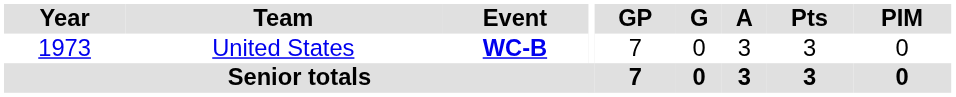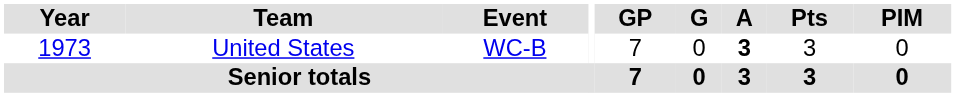 <table border="0" cellpadding="1" cellspacing="0" ID="Table3" style="text-align:center; width:40em">
 <tr bgcolor="#e0e0e0">
 <th>Year</th>
 <th>Team</th>
 <th>Event</th>
 <th rowspan="102" bgcolor="#ffffff"></th>
 <th>GP</th>
 <th>G</th>
 <th>A</th>
 <th>Pts</th>
 <th>PIM</th>
 </tr>
 <tr>
 <td><a href='#'>1973</a></td>
 <td><a href='#'>United States</a></td>
-<td><strong><a href='#'>WC-B</a></strong></td>
+<td><a href='#'>WC-B</a></td>
 <td>7</td>
 <td>0</td>
-<td>3</td>
+<td><strong>3</strong></td>
 <td>3</td>
 <td>0</td>
 </tr>
 <tr bgcolor="#e0e0e0">
 <th colspan="4">Senior totals</th>
 <th>7</th>
 <th>0</th>
 <th>3</th>
 <th>3</th>
 <th>0</th>
 </tr>
 </table>
